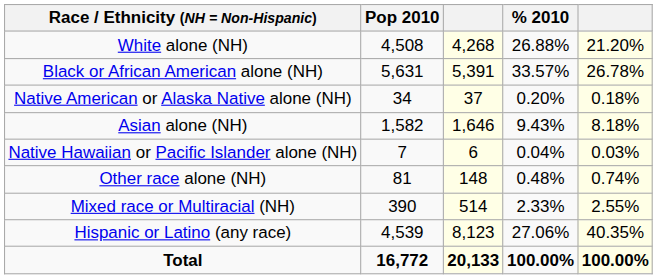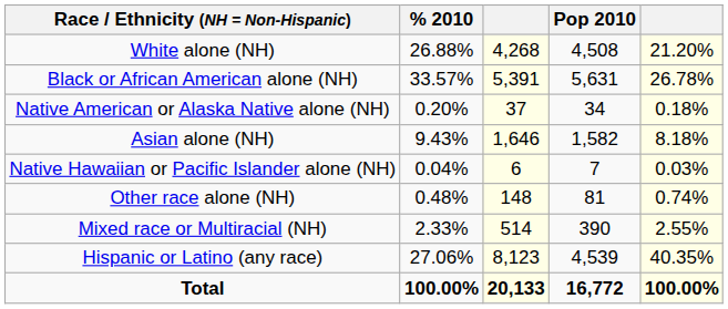 <table class="wikitable" style="text-align:center;">
 <tr>
 <th>Race / Ethnicity <small>(<em>NH = Non-Hispanic</em>)</small></th>
+<th>% 2010</th>
+<th></th>
 <th>Pop 2010</th>
-<th></th>
-<th>% 2010</th>
 <th></th>
 </tr>
 <tr>
 <td><a href='#'>White</a> alone (NH)</td>
+<td>26.88%</td>
+<td style='background: #ffffe6;'>4,268</td>
 <td>4,508</td>
-<td style='background: #ffffe6;'>4,268</td>
-<td>26.88%</td>
 <td style='background: #ffffe6;'>21.20%</td>
 </tr>
 <tr>
 <td><a href='#'>Black or African American</a> alone (NH)</td>
+<td>33.57%</td>
+<td style='background: #ffffe6;'>5,391</td>
 <td>5,631</td>
-<td style='background: #ffffe6;'>5,391</td>
-<td>33.57%</td>
 <td style='background: #ffffe6;'>26.78%</td>
 </tr>
 <tr>
 <td><a href='#'>Native American</a> or <a href='#'>Alaska Native</a> alone (NH)</td>
+<td>0.20%</td>
+<td style='background: #ffffe6;'>37</td>
 <td>34</td>
-<td style='background: #ffffe6;'>37</td>
-<td>0.20%</td>
 <td style='background: #ffffe6;'>0.18%</td>
 </tr>
 <tr>
 <td><a href='#'>Asian</a> alone (NH)</td>
+<td>9.43%</td>
+<td style='background: #ffffe6;'>1,646</td>
 <td>1,582</td>
-<td style='background: #ffffe6;'>1,646</td>
-<td>9.43%</td>
 <td style='background: #ffffe6;'>8.18%</td>
 </tr>
 <tr>
 <td><a href='#'>Native Hawaiian</a> or <a href='#'>Pacific Islander</a> alone (NH)</td>
+<td>0.04%</td>
+<td style='background: #ffffe6;'>6</td>
 <td>7</td>
-<td style='background: #ffffe6;'>6</td>
-<td>0.04%</td>
 <td style='background: #ffffe6;'>0.03%</td>
 </tr>
 <tr>
 <td><a href='#'>Other race</a> alone (NH)</td>
+<td>0.48%</td>
+<td style='background: #ffffe6;'>148</td>
 <td>81</td>
-<td style='background: #ffffe6;'>148</td>
-<td>0.48%</td>
 <td style='background: #ffffe6;'>0.74%</td>
 </tr>
 <tr>
 <td><a href='#'>Mixed race or Multiracial</a> (NH)</td>
+<td>2.33%</td>
+<td style='background: #ffffe6;'>514</td>
 <td>390</td>
-<td style='background: #ffffe6;'>514</td>
-<td>2.33%</td>
 <td style='background: #ffffe6;'>2.55%</td>
 </tr>
 <tr>
 <td><a href='#'>Hispanic or Latino</a> (any race)</td>
+<td>27.06%</td>
+<td style='background: #ffffe6;'>8,123</td>
 <td>4,539</td>
-<td style='background: #ffffe6;'>8,123</td>
-<td>27.06%</td>
 <td style='background: #ffffe6;'>40.35%</td>
 </tr>
 <tr>
 <td><strong>Total</strong></td>
+<td><strong>100.00%</strong></td>
+<td style='background: #ffffe6;'><strong>20,133</strong></td>
 <td><strong>16,772</strong></td>
-<td style='background: #ffffe6;'><strong>20,133</strong></td>
-<td><strong>100.00%</strong></td>
 <td style='background: #ffffe6;'><strong>100.00%</strong></td>
 </tr>
 </table>
